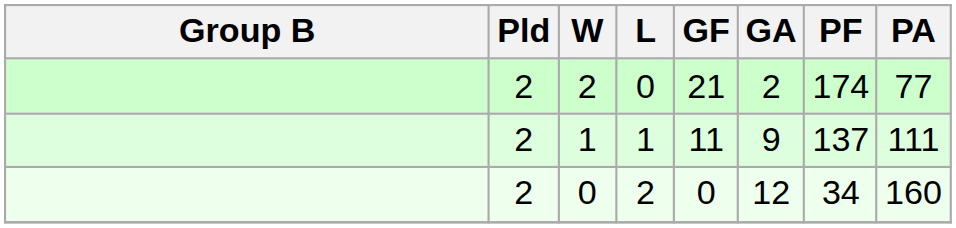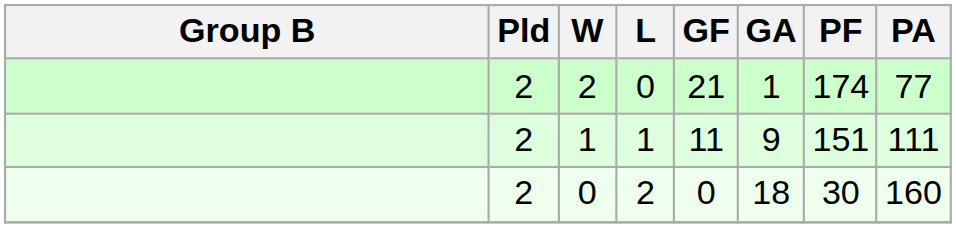 <table class=wikitable style="text-align:center">
 <tr>
 <th width=220>Group B</th>
 <th width=20>Pld</th>
 <th width=20>W</th>
 <th width=20>L</th>
 <th width=20>GF</th>
 <th width=20>GA</th>
 <th width=20>PF</th>
 <th width=20>PA</th>
 </tr>
 <tr bgcolor=ccffcc>
 <td align=left></td>
 <td>2</td>
 <td>2</td>
 <td>0</td>
 <td>21</td>
-<td>2</td>
+<td>1</td>
 <td>174</td>
 <td>77</td>
 </tr>
 <tr bgcolor=ddffdd>
 <td align=left></td>
 <td>2</td>
 <td>1</td>
 <td>1</td>
 <td>11</td>
 <td>9</td>
-<td>137</td>
+<td>151</td>
 <td>111</td>
 </tr>
 <tr bgcolor=eeffee>
 <td align=left></td>
 <td>2</td>
 <td>0</td>
 <td>2</td>
 <td>0</td>
-<td>12</td>
-<td>34</td>
+<td>18</td>
+<td>30</td>
 <td>160</td>
 </tr>
 <tr>
 </tr>
 </table>
